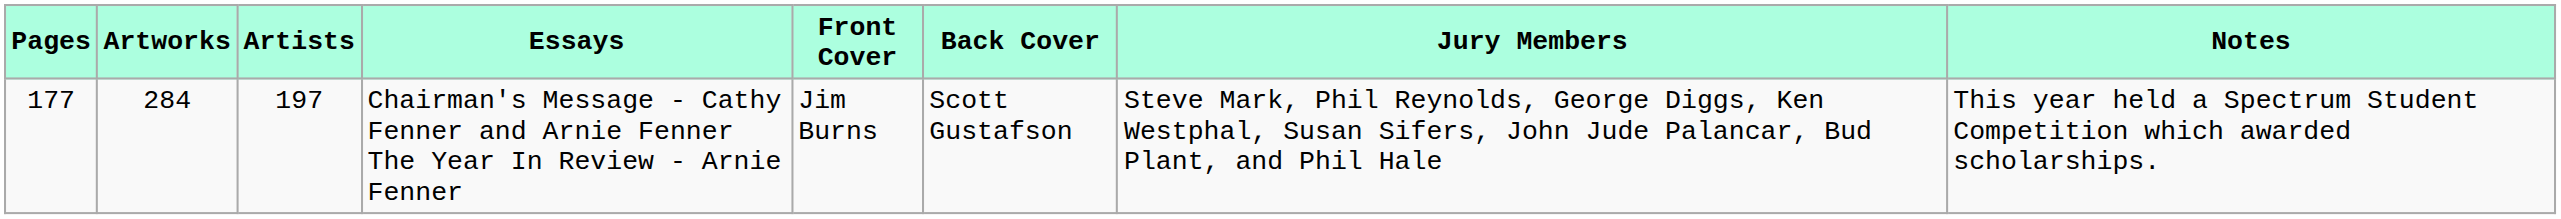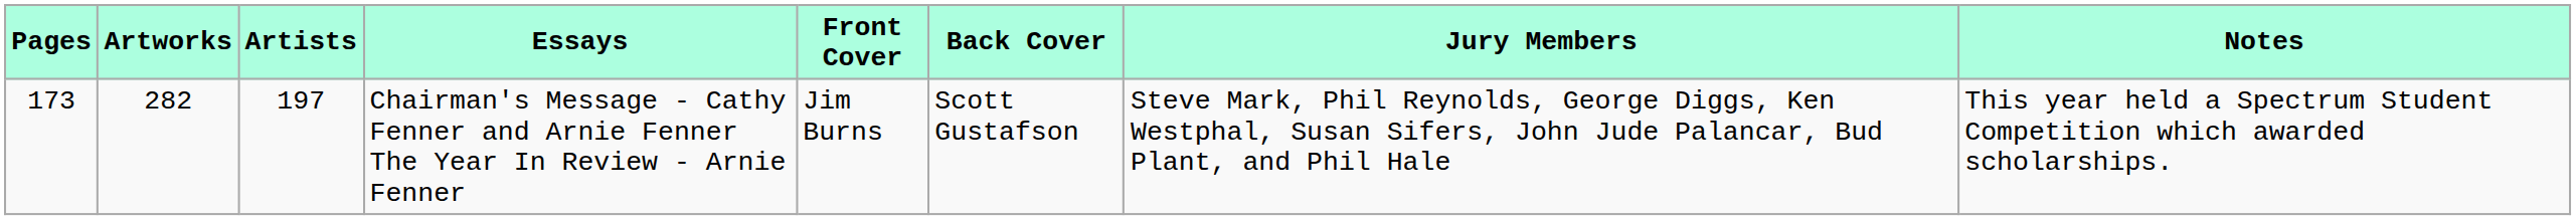 <table class="wikitable">
 <tr>
 <th style="background:#acffdf">Pages</th>
 <th style="background:#acffdf">Artworks</th>
 <th style="background:#acffdf">Artists</th>
 <th style="background:#acffdf">Essays</th>
 <th style="background:#acffdf">Front Cover</th>
 <th style="background:#acffdf">Back Cover</th>
 <th style="background:#acffdf">Jury Members</th>
 <th style="background:#acffdf">Notes</th>
 </tr>
 <tr valign="top">
-<td align="center">177</td>
-<td align="center">284</td>
+<td align="center">173</td>
+<td align="center">282</td>
 <td align="center">197</td>
 <td>Chairman's Message - Cathy Fenner and Arnie Fenner<br>The Year In Review - Arnie Fenner</td>
 <td>Jim Burns</td>
 <td>Scott Gustafson</td>
 <td>Steve Mark, Phil Reynolds, George Diggs, Ken Westphal, Susan Sifers, John Jude Palancar, Bud Plant, and Phil Hale</td>
 <td>This year held a Spectrum Student Competition which awarded scholarships.</td>
 </tr>
 </table>
